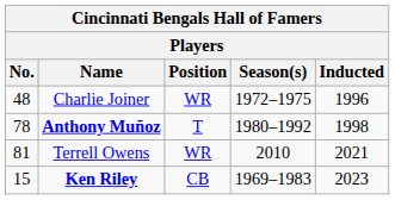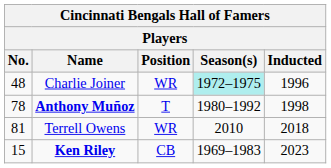 <table class="wikitable" style="text-align:center">
 <tr>
 <th colspan="5">Cincinnati Bengals Hall of Famers</th>
 </tr>
 <tr>
 <th colspan="5">Players</th>
 </tr>
 <tr>
 <th>No.</th>
 <th>Name</th>
 <th>Position</th>
 <th>Season(s)</th>
 <th>Inducted</th>
 </tr>
 <tr>
 <td>48</td>
 <td><a href='#'>Charlie Joiner</a></td>
 <td><a href='#'>WR</a></td>
-<td>1972–1975</td>
+<td style="background: paleturquoise;">1972–1975</td>
 <td>1996</td>
 </tr>
 <tr>
 <td>78</td>
 <td><strong><a href='#'>Anthony Muñoz</a></strong></td>
 <td><a href='#'>T</a></td>
 <td>1980–1992</td>
 <td>1998</td>
 </tr>
 <tr>
 <td>81</td>
 <td><a href='#'>Terrell Owens</a></td>
 <td><a href='#'>WR</a></td>
 <td>2010</td>
-<td>2021</td>
+<td>2018</td>
 </tr>
 <tr>
 <td>15</td>
 <td><strong><a href='#'>Ken Riley</a></strong></td>
 <td><a href='#'>CB</a></td>
 <td>1969–1983</td>
 <td>2023</td>
 </tr>
 </table>
